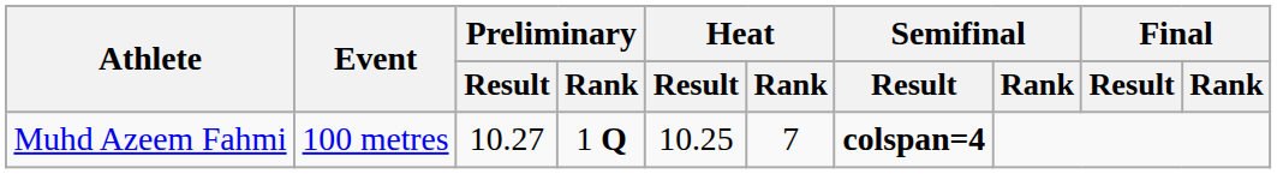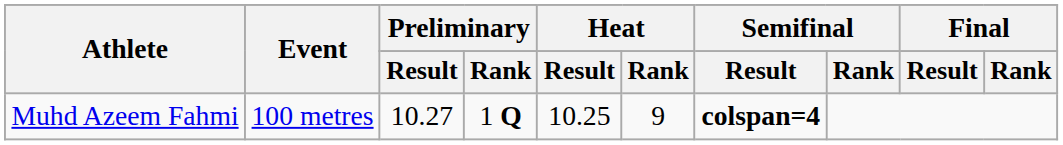 <table class="wikitable" style="font-size:90%">
 <tr>
 <th rowspan="2">Athlete</th>
 <th rowspan="2">Event</th>
 <th colspan="2">Preliminary</th>
 <th colspan="2">Heat</th>
 <th colspan="2">Semifinal</th>
 <th colspan="2">Final</th>
 </tr>
 <tr style="font-size:95%">
 <th>Result</th>
 <th>Rank</th>
 <th>Result</th>
 <th>Rank</th>
 <th>Result</th>
 <th>Rank</th>
 <th>Result</th>
 <th>Rank</th>
 </tr>
 <tr align=center>
 <td align=left><a href='#'>Muhd Azeem Fahmi</a></td>
 <td align=left><a href='#'>100 metres</a></td>
 <td>10.27</td>
 <td>1 <strong>Q</strong></td>
 <td>10.25</td>
-<td>7</td>
+<td>9</td>
 <td><strong>colspan=4 </strong></td>
 </tr>
 </table>
